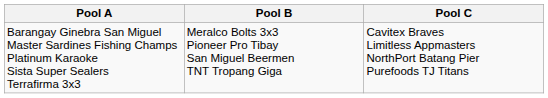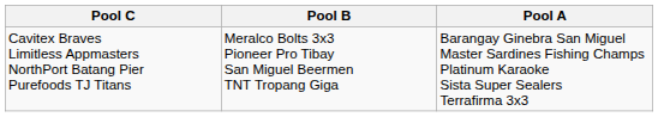 <table class=wikitable width=750>
 <tr>
+<th width=33%>Pool C</th>
+<th width=33%>Pool B</th>
 <th width=33%>Pool A</th>
-<th width=33%>Pool B</th>
-<th width=33%>Pool C</th>
 </tr>
 <tr valign=top>
+<td>Cavitex Braves <br> Limitless Appmasters <br> NorthPort Batang Pier <br> Purefoods TJ Titans</td>
+<td>Meralco Bolts 3x3 <br> Pioneer Pro Tibay <br> San Miguel Beermen <br> TNT Tropang Giga</td>
 <td>Barangay Ginebra San Miguel <br> Master Sardines Fishing Champs <br> Platinum Karaoke <br> Sista Super Sealers <br> Terrafirma 3x3</td>
-<td>Meralco Bolts 3x3 <br> Pioneer Pro Tibay <br> San Miguel Beermen <br> TNT Tropang Giga</td>
-<td>Cavitex Braves <br> Limitless Appmasters <br> NorthPort Batang Pier <br> Purefoods TJ Titans</td>
 </tr>
 </table>
